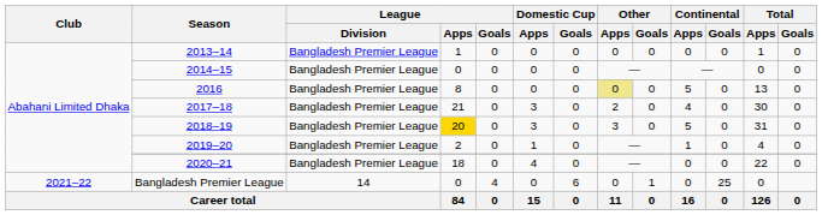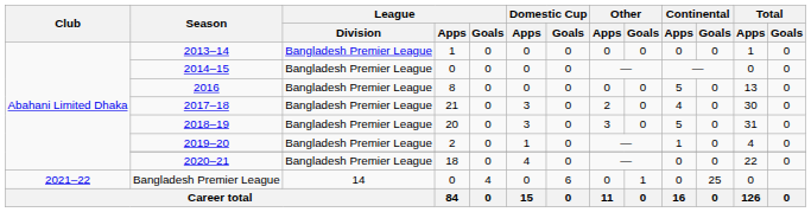 <table class="wikitable" style="text-align: center">
 <tr>
 <th rowspan="2">Club</th>
 <th rowspan="2">Season</th>
 <th colspan="3">League</th>
 <th colspan="2">Domestic Cup</th>
 <th colspan="2">Other</th>
 <th colspan="2">Continental</th>
 <th colspan="2">Total</th>
 </tr>
 <tr>
 <th>Division</th>
 <th>Apps</th>
 <th>Goals</th>
 <th>Apps</th>
 <th>Goals</th>
 <th>Apps</th>
 <th>Goals</th>
 <th>Apps</th>
 <th>Goals</th>
 <th>Apps</th>
 <th>Goals</th>
 </tr>
 <tr>
 <td rowspan="8"><a href='#'>Abahani Limited Dhaka</a></td>
 <td><a href='#'>2013–14</a></td>
 <td><a href='#'>Bangladesh Premier League</a></td>
 <td>1</td>
 <td>0</td>
 <td>0</td>
 <td>0</td>
 <td>0</td>
 <td>0</td>
 <td>0</td>
 <td>0</td>
 <td>1</td>
 <td>0</td>
 </tr>
 <tr>
 <td><a href='#'>2014–15</a></td>
 <td>Bangladesh Premier League</td>
 <td>0</td>
 <td>0</td>
 <td>0</td>
 <td>0</td>
 <td colspan="2">—</td>
 <td colspan="2">—</td>
 <td>0</td>
 <td>0</td>
 </tr>
 <tr>
 <td><a href='#'>2016</a></td>
 <td>Bangladesh Premier League</td>
 <td>8</td>
 <td>0</td>
 <td>0</td>
 <td>0</td>
-<td style="background: khaki;">0</td>
+<td>0</td>
 <td>0</td>
 <td>5</td>
 <td>0</td>
 <td>13</td>
 <td>0</td>
 </tr>
 <tr>
 <td><a href='#'>2017–18</a></td>
 <td>Bangladesh Premier League</td>
 <td>21</td>
 <td>0</td>
 <td>3</td>
 <td>0</td>
 <td>2</td>
 <td>0</td>
 <td>4</td>
 <td>0</td>
 <td>30</td>
 <td>0</td>
 </tr>
 <tr>
 <td><a href='#'>2018–19</a></td>
 <td>Bangladesh Premier League</td>
-<td style="background: gold;">20</td>
+<td>20</td>
 <td>0</td>
 <td>3</td>
 <td>0</td>
 <td>3</td>
 <td>0</td>
 <td>5</td>
 <td>0</td>
 <td>31</td>
 <td>0</td>
 </tr>
 <tr>
 <td><a href='#'>2019–20</a></td>
 <td>Bangladesh Premier League</td>
 <td>2</td>
 <td>0</td>
 <td>1</td>
 <td>0</td>
 <td colspan="2">—</td>
 <td>1</td>
 <td>0</td>
 <td>4</td>
 <td>0</td>
 </tr>
 <tr>
 </tr>
 <tr>
 <td><a href='#'>2020–21</a></td>
 <td>Bangladesh Premier League</td>
 <td>18</td>
 <td>0</td>
 <td>4</td>
 <td>0</td>
 <td colspan="2">—</td>
 <td>0</td>
 <td>0</td>
 <td>22</td>
 <td>0</td>
 </tr>
 <tr>
 <td><a href='#'>2021–22</a></td>
 <td>Bangladesh Premier League</td>
 <td>14</td>
 <td>0</td>
 <td>4</td>
 <td>0</td>
 <td>6</td>
 <td>0</td>
 <td>1</td>
 <td>0</td>
 <td>25</td>
 <td>0</td>
 </tr>
 <tr>
 <th colspan="3"><strong>Career total</strong></th>
 <th>84</th>
 <th>0</th>
 <th>15</th>
 <th>0</th>
 <th>11</th>
 <th>0</th>
 <th>16</th>
 <th>0</th>
 <th>126</th>
 <th>0</th>
 </tr>
 </table>
